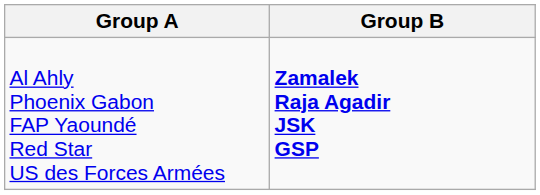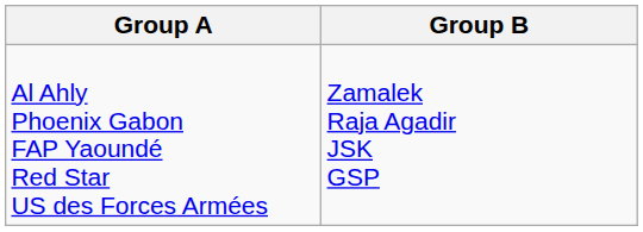 <table class="wikitable">
 <tr>
 <th width=195px>Group A</th>
 <th width=195px>Group B</th>
 </tr>
 <tr>
 <td valign=top><br> <a href='#'>Al Ahly</a><br>  <a href='#'>Phoenix Gabon</a><br>  <a href='#'>FAP Yaoundé</a><br>  <a href='#'>Red Star</a><br>  <a href='#'>US des Forces Armées</a></td>
-<td valign=top><strong><br> <a href='#'>Zamalek</a><br>  <a href='#'>Raja Agadir</a> <br>  <a href='#'>JSK</a><br>  <a href='#'>GSP</a><br></strong></td>
+<td valign=top><br> <a href='#'>Zamalek</a><br>  <a href='#'>Raja Agadir</a> <br>  <a href='#'>JSK</a><br>  <a href='#'>GSP</a><br></td>
 </tr>
 </table>
